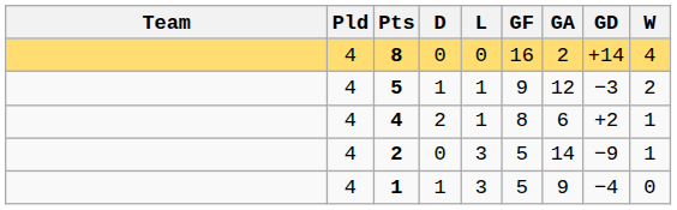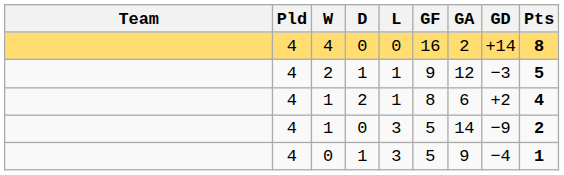 <table class=wikitable style=text-align:center>
 <tr>
 <th width=200>Team</th>
 <th width=20>Pld</th>
-<th width=20>Pts</th>
+<th width=20>W</th>
 <th width=20>D</th>
 <th width=20>L</th>
 <th width=20>GF</th>
 <th width=20>GA</th>
 <th width=20>GD</th>
-<th width=20>W</th>
+<th width=20>Pts</th>
 </tr>
 <tr style=background:#ffdd70>
 <td style=text-align:left></td>
 <td>4</td>
-<td><strong>8</strong></td>
+<td>4</td>
 <td>0</td>
 <td>0</td>
 <td>16</td>
 <td>2</td>
 <td>+14</td>
-<td>4</td>
+<td><strong>8</strong></td>
 </tr>
 <tr>
 <td style=text-align:left></td>
 <td>4</td>
-<td><strong>5</strong></td>
+<td>2</td>
 <td>1</td>
 <td>1</td>
 <td>9</td>
 <td>12</td>
 <td>−3</td>
-<td>2</td>
+<td><strong>5</strong></td>
 </tr>
 <tr>
 <td style=text-align:left></td>
 <td>4</td>
-<td><strong>4</strong></td>
+<td>1</td>
 <td>2</td>
 <td>1</td>
 <td>8</td>
 <td>6</td>
 <td>+2</td>
-<td>1</td>
+<td><strong>4</strong></td>
 </tr>
 <tr>
 <td style=text-align:left></td>
 <td>4</td>
-<td><strong>2</strong></td>
+<td>1</td>
 <td>0</td>
 <td>3</td>
 <td>5</td>
 <td>14</td>
 <td>−9</td>
-<td>1</td>
+<td><strong>2</strong></td>
 </tr>
 <tr>
 <td style=text-align:left></td>
 <td>4</td>
-<td><strong>1</strong></td>
+<td>0</td>
 <td>1</td>
 <td>3</td>
 <td>5</td>
 <td>9</td>
 <td>−4</td>
-<td>0</td>
+<td><strong>1</strong></td>
 </tr>
 </table>
